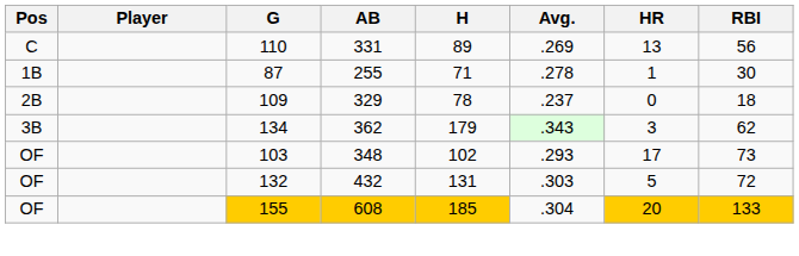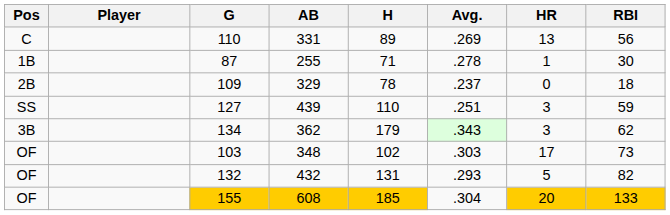 <table class="wikitable sortable">
 <tr>
 <th bgcolor="#DDDDFF" width="5%">Pos</th>
 <th bgcolor="#DDDDFF" width="16%">Player</th>
 <th bgcolor="#DDDDFF" width="9%">G</th>
 <th bgcolor="#DDDDFF" width="9%">AB</th>
 <th bgcolor="#DDDDFF" width="9%">H</th>
 <th bgcolor="#DDDDFF" width="9%">Avg.</th>
 <th bgcolor="#DDDDFF" width="9%">HR</th>
 <th bgcolor="#DDDDFF" width="9%">RBI</th>
 </tr>
 <tr align="center">
 <td>C</td>
 <td></td>
 <td>110</td>
 <td>331</td>
 <td>89</td>
 <td>.269</td>
 <td>13</td>
 <td>56</td>
 </tr>
 <tr align="center">
 <td>1B</td>
 <td></td>
 <td>87</td>
 <td>255</td>
 <td>71</td>
 <td>.278</td>
 <td>1</td>
 <td>30</td>
 </tr>
 <tr align="center">
 <td>2B</td>
 <td></td>
 <td>109</td>
 <td>329</td>
 <td>78</td>
 <td>.237</td>
 <td>0</td>
 <td>18</td>
 </tr>
 <tr align="center">
+<td>SS</td>
+<td></td>
+<td>127</td>
+<td>439</td>
+<td>110</td>
+<td>.251</td>
+<td>3</td>
+<td>59</td>
+</tr>
+<tr align="center">
 <td>3B</td>
 <td></td>
 <td>134</td>
 <td>362</td>
 <td>179</td>
 <td style="background:#DDFFDD;">.343</td>
 <td>3</td>
 <td>62</td>
 </tr>
 <tr align="center">
 <td>OF</td>
 <td></td>
 <td>103</td>
 <td>348</td>
 <td>102</td>
-<td>.293</td>
+<td>.303</td>
 <td>17</td>
 <td>73</td>
 </tr>
 <tr align="center">
 <td>OF</td>
 <td></td>
 <td>132</td>
 <td>432</td>
 <td>131</td>
-<td>.303</td>
+<td>.293</td>
 <td>5</td>
-<td>72</td>
+<td>82</td>
 </tr>
 <tr align="center">
 <td>OF</td>
 <td></td>
 <td style="background:#fc0;">155</td>
 <td style="background:#fc0;">608</td>
 <td style="background:#fc0;">185</td>
 <td>.304</td>
 <td style="background:#fc0;">20</td>
 <td style="background:#fc0;">133</td>
 </tr>
 </table>
